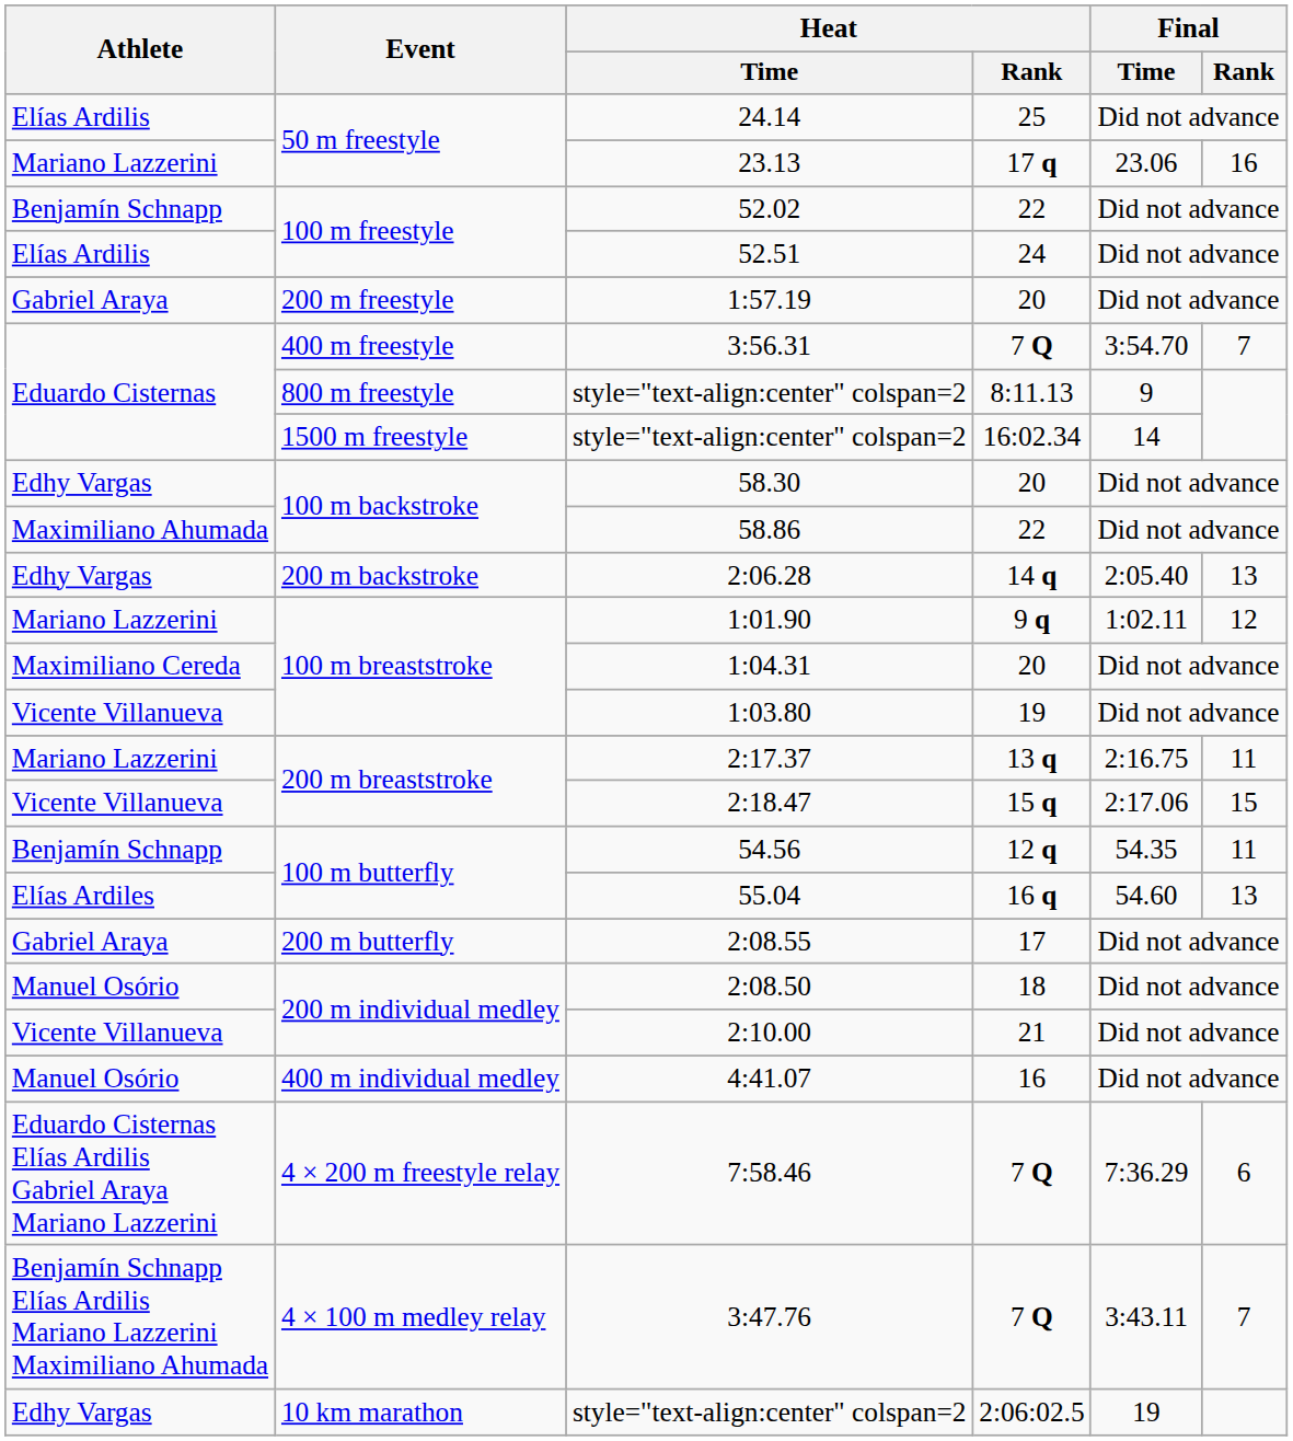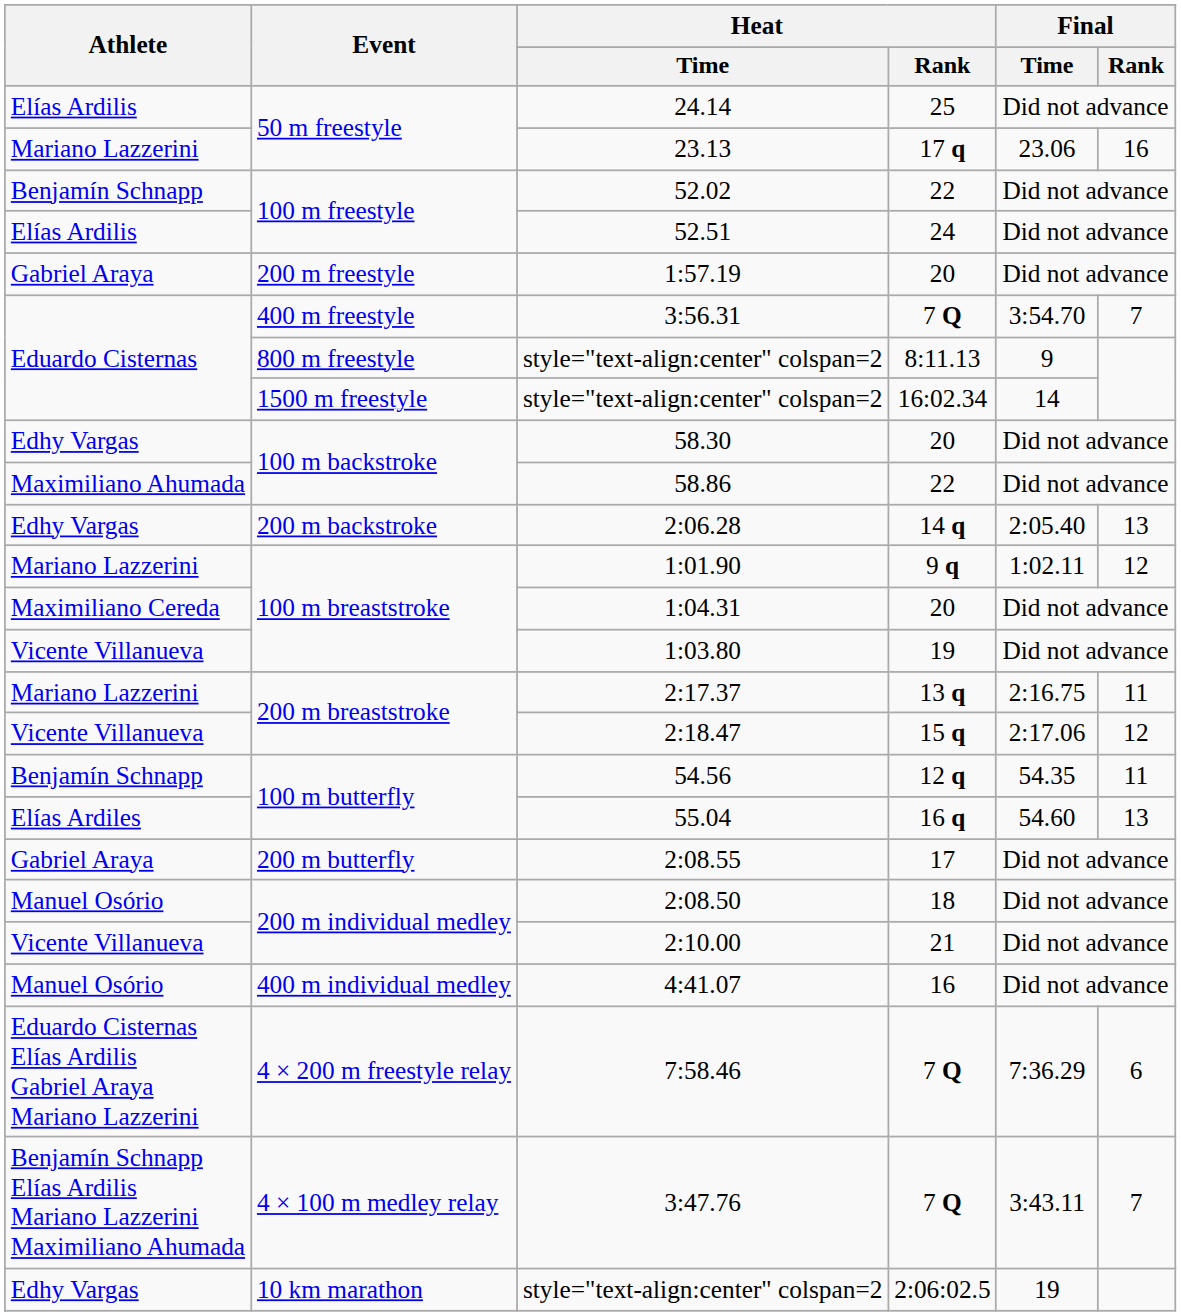 <table class=wikitable style=font-size:90%;text-align:center>
 <tr>
 <th rowspan=2>Athlete</th>
 <th rowspan=2>Event</th>
 <th colspan=2>Heat</th>
 <th colspan=2>Final</th>
 </tr>
 <tr style=font-size:95%>
 <th>Time</th>
 <th>Rank</th>
 <th>Time</th>
 <th>Rank</th>
 </tr>
 <tr>
 <td align=left><a href='#'>Elías Ardilis</a></td>
 <td align=left rowspan=2><a href='#'>50 m freestyle</a></td>
 <td>24.14</td>
 <td>25</td>
 <td colspan="2">Did not advance</td>
 </tr>
 <tr>
 <td align=left><a href='#'>Mariano Lazzerini</a></td>
 <td>23.13</td>
 <td>17 <strong>q</strong></td>
 <td>23.06</td>
 <td>16</td>
 </tr>
 <tr>
 <td align=left><a href='#'>Benjamín Schnapp</a></td>
 <td align=left rowspan=2><a href='#'>100 m freestyle</a></td>
 <td>52.02</td>
 <td>22</td>
 <td colspan="2">Did not advance</td>
 </tr>
 <tr>
 <td align=left><a href='#'>Elías Ardilis</a></td>
 <td>52.51</td>
 <td>24</td>
 <td colspan="2">Did not advance</td>
 </tr>
 <tr>
 <td align=left><a href='#'>Gabriel Araya</a></td>
 <td align=left><a href='#'>200 m freestyle</a></td>
 <td>1:57.19</td>
 <td>20</td>
 <td colspan="2">Did not advance</td>
 </tr>
 <tr>
 <td align=left rowspan=3><a href='#'>Eduardo Cisternas</a></td>
 <td align=left><a href='#'>400 m freestyle</a></td>
 <td>3:56.31</td>
 <td>7 <strong>Q</strong></td>
 <td>3:54.70</td>
 <td>7</td>
 </tr>
 <tr>
 <td align=left><a href='#'>800 m freestyle</a></td>
 <td>style="text-align:center" colspan=2 </td>
 <td>8:11.13</td>
 <td>9</td>
 </tr>
 <tr>
 <td align=left><a href='#'>1500 m freestyle</a></td>
 <td>style="text-align:center" colspan=2 </td>
 <td>16:02.34</td>
 <td>14</td>
 </tr>
 <tr>
 <td align=left><a href='#'>Edhy Vargas</a></td>
 <td align=left rowspan=2><a href='#'>100 m backstroke</a></td>
 <td>58.30</td>
 <td>20</td>
 <td colspan="2">Did not advance</td>
 </tr>
 <tr>
 <td align=left><a href='#'>Maximiliano Ahumada</a></td>
 <td>58.86</td>
 <td>22</td>
 <td colspan="2">Did not advance</td>
 </tr>
 <tr>
 <td align=left><a href='#'>Edhy Vargas</a></td>
 <td align=left><a href='#'>200 m backstroke</a></td>
 <td>2:06.28</td>
 <td>14 <strong>q</strong></td>
 <td>2:05.40</td>
 <td>13</td>
 </tr>
 <tr>
 <td align=left><a href='#'>Mariano Lazzerini</a></td>
 <td align=left rowspan=3><a href='#'>100 m breaststroke</a></td>
 <td>1:01.90</td>
 <td>9 <strong>q</strong></td>
 <td>1:02.11</td>
 <td>12</td>
 </tr>
 <tr>
 <td align=left><a href='#'>Maximiliano Cereda</a></td>
 <td>1:04.31</td>
 <td>20</td>
 <td colspan="2">Did not advance</td>
 </tr>
 <tr>
 <td align=left><a href='#'>Vicente Villanueva</a></td>
 <td>1:03.80</td>
 <td>19</td>
 <td colspan="2">Did not advance</td>
 </tr>
 <tr>
 <td align=left><a href='#'>Mariano Lazzerini</a></td>
 <td align=left rowspan=2><a href='#'>200 m breaststroke</a></td>
 <td>2:17.37</td>
 <td>13 <strong>q</strong></td>
 <td>2:16.75</td>
 <td>11</td>
 </tr>
 <tr>
 <td align=left><a href='#'>Vicente Villanueva</a></td>
 <td>2:18.47</td>
 <td>15 <strong>q</strong></td>
 <td>2:17.06</td>
-<td>15</td>
+<td>12</td>
 </tr>
 <tr>
 <td align=left><a href='#'>Benjamín Schnapp</a></td>
 <td align=left rowspan=2><a href='#'>100 m butterfly</a></td>
 <td>54.56</td>
 <td>12 <strong>q</strong></td>
 <td>54.35</td>
 <td>11</td>
 </tr>
 <tr>
 <td align=left><a href='#'>Elías Ardiles</a></td>
 <td>55.04</td>
 <td>16 <strong>q</strong></td>
 <td>54.60</td>
 <td>13</td>
 </tr>
 <tr>
 <td align=left><a href='#'>Gabriel Araya</a></td>
 <td align=left><a href='#'>200 m butterfly</a></td>
 <td>2:08.55</td>
 <td>17</td>
 <td colspan="2">Did not advance</td>
 </tr>
 <tr>
 <td align=left><a href='#'>Manuel Osório</a></td>
 <td align=left rowspan=2><a href='#'>200 m individual medley</a></td>
 <td>2:08.50</td>
 <td>18</td>
 <td colspan="2">Did not advance</td>
 </tr>
 <tr>
 <td align=left><a href='#'>Vicente Villanueva</a></td>
 <td>2:10.00</td>
 <td>21</td>
 <td colspan="2">Did not advance</td>
 </tr>
 <tr>
 <td align=left><a href='#'>Manuel Osório</a></td>
 <td align=left><a href='#'>400 m individual medley</a></td>
 <td>4:41.07</td>
 <td>16</td>
 <td colspan="2">Did not advance</td>
 </tr>
 <tr>
 <td align=left><a href='#'>Eduardo Cisternas</a><br><a href='#'>Elías Ardilis</a><br><a href='#'>Gabriel Araya</a><br><a href='#'>Mariano Lazzerini</a></td>
 <td align=left><a href='#'>4 × 200 m freestyle relay</a></td>
 <td>7:58.46</td>
 <td>7 <strong>Q</strong></td>
 <td>7:36.29</td>
 <td>6</td>
 </tr>
 <tr>
 <td align=left><a href='#'>Benjamín Schnapp</a><br><a href='#'>Elías Ardilis</a><br><a href='#'>Mariano Lazzerini</a><br><a href='#'>Maximiliano Ahumada</a></td>
 <td align=left><a href='#'>4 × 100 m medley relay</a></td>
 <td>3:47.76</td>
 <td>7 <strong>Q</strong></td>
 <td>3:43.11</td>
 <td>7</td>
 </tr>
 <tr>
 <td align=left><a href='#'>Edhy Vargas</a></td>
 <td align=left rowspan=2><a href='#'>10 km marathon</a></td>
 <td>style="text-align:center" colspan=2 </td>
 <td>2:06:02.5</td>
 <td>19</td>
 </tr>
 </table>
